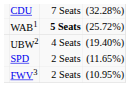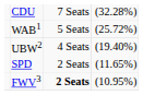 <table style="background:#aaaaaa" cellpadding="2" cellspacing="0">
 <tr bgcolor="#f9f9f9">
 <td> </td>
 <td><a href='#'>CDU</a></td>
 <td align=right>7 Seats</td>
 <td align=right>(32.28%)</td>
 </tr>
 <tr bgcolor="#f9f9f9">
 <td> </td>
 <td>WAB<sup>1</sup></td>
-<td align=right><strong>5 Seats</strong></td>
+<td align=right>5 Seats</td>
 <td align=right>(25.72%)</td>
 </tr>
 <tr bgcolor="#f9f9f9">
 <td> </td>
 <td>UBW<sup>2</sup></td>
 <td align=right>4 Seats</td>
 <td align=right>(19.40%)</td>
 </tr>
 <tr bgcolor="#f9f9f9">
 <td> </td>
 <td><a href='#'>SPD</a></td>
 <td align=right>2 Seats</td>
 <td align=right>(11.65%)</td>
 </tr>
 <tr bgcolor="#f9f9f9">
 <td> </td>
 <td><a href='#'>FWV</a><sup>3</sup></td>
-<td align=right>    2 Seats</td>
+<td align=right><strong>    2 Seats</strong></td>
 <td align=right> (10.95%)</td>
 </tr>
 </table>
